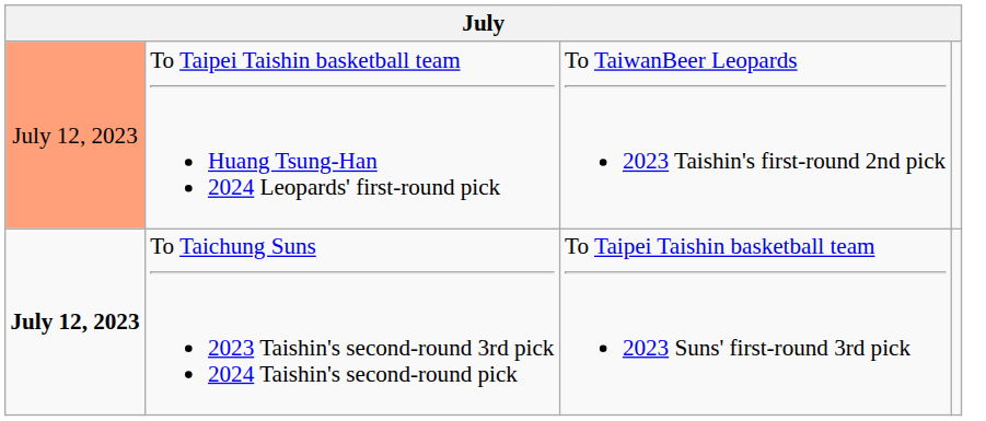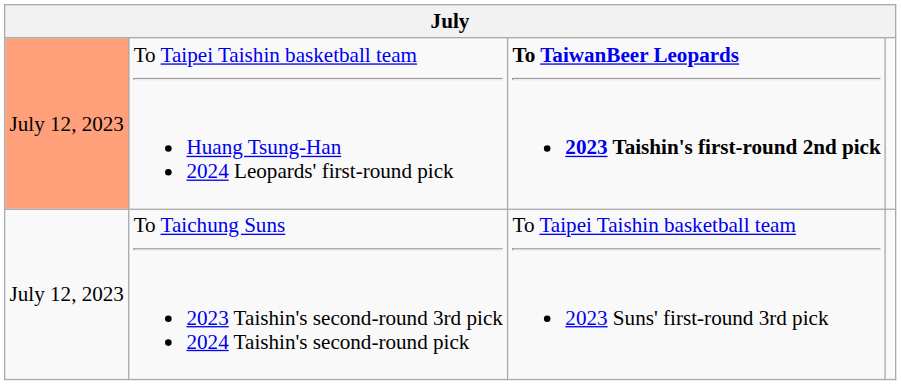 <table class="wikitable" style="text-align:center">
 <tr>
 <th colspan=4>July</th>
 </tr>
 <tr>
 <td style="background: lightsalmon;">July 12, 2023</td>
 <td align="left" valign="top">To <a href='#'>Taipei Taishin basketball team</a><hr><br><ul><li><a href='#'>Huang Tsung-Han</a></li><li><a href='#'>2024</a> Leopards' first-round pick</li></ul></td>
-<td align="left" valign="top">To <a href='#'>TaiwanBeer Leopards</a><hr><br><ul><li><a href='#'>2023</a> Taishin's first-round 2nd pick</li></ul></td>
+<td align="left" valign="top"><strong>To <a href='#'>TaiwanBeer Leopards</a><hr><br><ul><li><a href='#'>2023</a> Taishin's first-round 2nd pick</li></ul></strong></td>
 <td align="center"></td>
 </tr>
 <tr>
-<td><strong>July 12, 2023</strong></td>
+<td>July 12, 2023</td>
 <td align="left" valign="top">To <a href='#'>Taichung Suns</a><hr><br><ul><li><a href='#'>2023</a> Taishin's second-round 3rd pick</li><li><a href='#'>2024</a> Taishin's second-round pick</li></ul></td>
 <td align="left" valign="top">To <a href='#'>Taipei Taishin basketball team</a><hr><br><ul><li><a href='#'>2023</a> Suns' first-round 3rd pick</li></ul></td>
 <td align="center"></td>
 </tr>
 </table>
